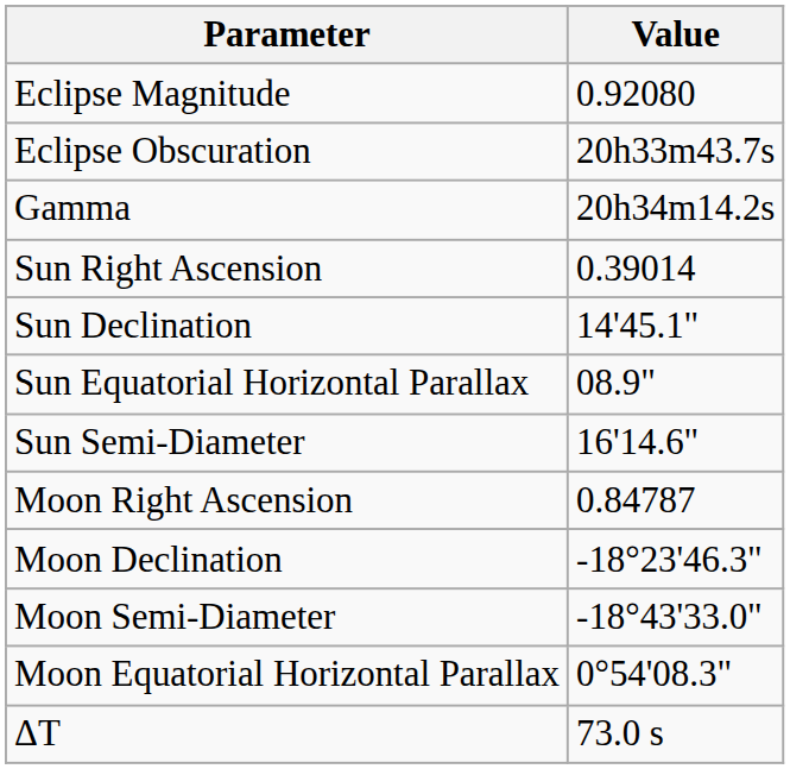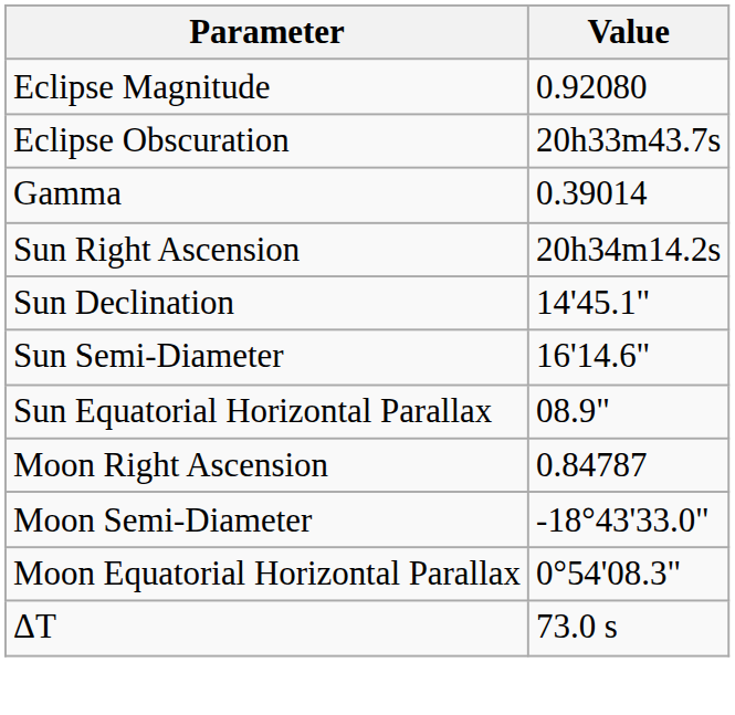 <table class="wikitable">
 <tr>
 <th>Parameter</th>
 <th>Value</th>
 </tr>
 <tr>
 <td>Eclipse Magnitude</td>
 <td>0.92080</td>
 </tr>
 <tr>
 <td>Eclipse Obscuration</td>
 <td>20h33m43.7s</td>
 </tr>
 <tr>
 <td>Gamma</td>
-<td>20h34m14.2s</td>
+<td>0.39014</td>
 </tr>
 <tr>
 <td>Sun Right Ascension</td>
-<td>0.39014</td>
+<td>20h34m14.2s</td>
 </tr>
 <tr>
 <td>Sun Declination</td>
 <td>14'45.1"</td>
 </tr>
 <tr>
+<td>Sun Semi-Diameter</td>
+<td>16'14.6"</td>
+</tr>
+<tr>
 <td>Sun Equatorial Horizontal Parallax</td>
 <td>08.9"</td>
 </tr>
 <tr>
-<td>Sun Semi-Diameter</td>
-<td>16'14.6"</td>
-</tr>
-<tr>
 <td>Moon Right Ascension</td>
 <td>0.84787</td>
-</tr>
-<tr>
-<td>Moon Declination</td>
-<td>-18°23'46.3"</td>
 </tr>
 <tr>
 <td>Moon Semi-Diameter</td>
 <td>-18°43'33.0"</td>
 </tr>
 <tr>
 <td>Moon Equatorial Horizontal Parallax</td>
 <td>0°54'08.3"</td>
 </tr>
 <tr>
 <td>ΔT</td>
 <td>73.0 s</td>
 </tr>
 </table>
